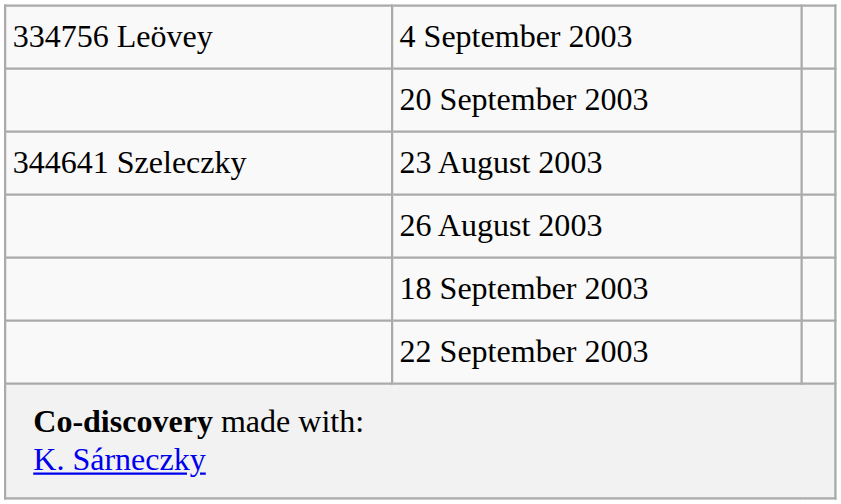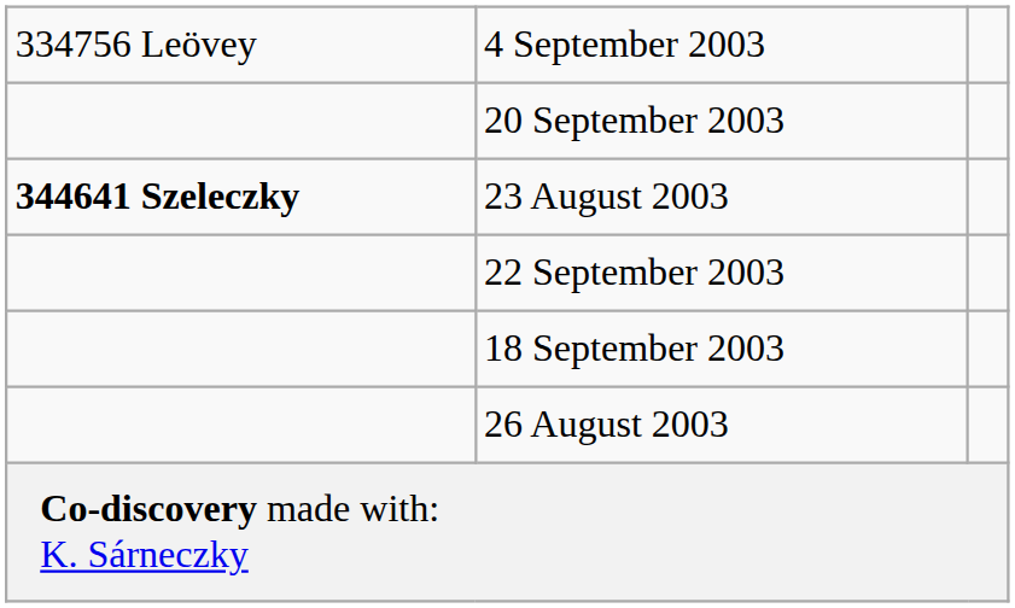 <table class="wikitable" style="font-size: 89%; float: left; width: 26em; margin-right: 1em; height: 220px;">
 <tr>
 <td>334756 Leövey</td>
 <td>4 September 2003</td>
 <td> </td>
 </tr>
 <tr>
 <td></td>
 <td>20 September 2003</td>
 <td> </td>
 </tr>
 <tr>
-<td>344641 Szeleczky</td>
+<td><strong>344641 Szeleczky</strong></td>
 <td>23 August 2003</td>
 <td> </td>
 </tr>
 <tr>
 <td></td>
-<td>26 August 2003</td>
+<td>22 September 2003</td>
 <td> </td>
 </tr>
 <tr>
 <td></td>
 <td>18 September 2003</td>
 <td> </td>
 </tr>
 <tr>
 <td></td>
-<td>22 September 2003</td>
+<td>26 August 2003</td>
 <td> </td>
 </tr>
 <tr>
 <th colspan=3 style="font-weight: normal; text-align: left; padding: 4px 12px;"><strong>Co-discovery</strong> made with:<br> <a href='#'>K. Sárneczky</a></th>
 </tr>
 </table>
